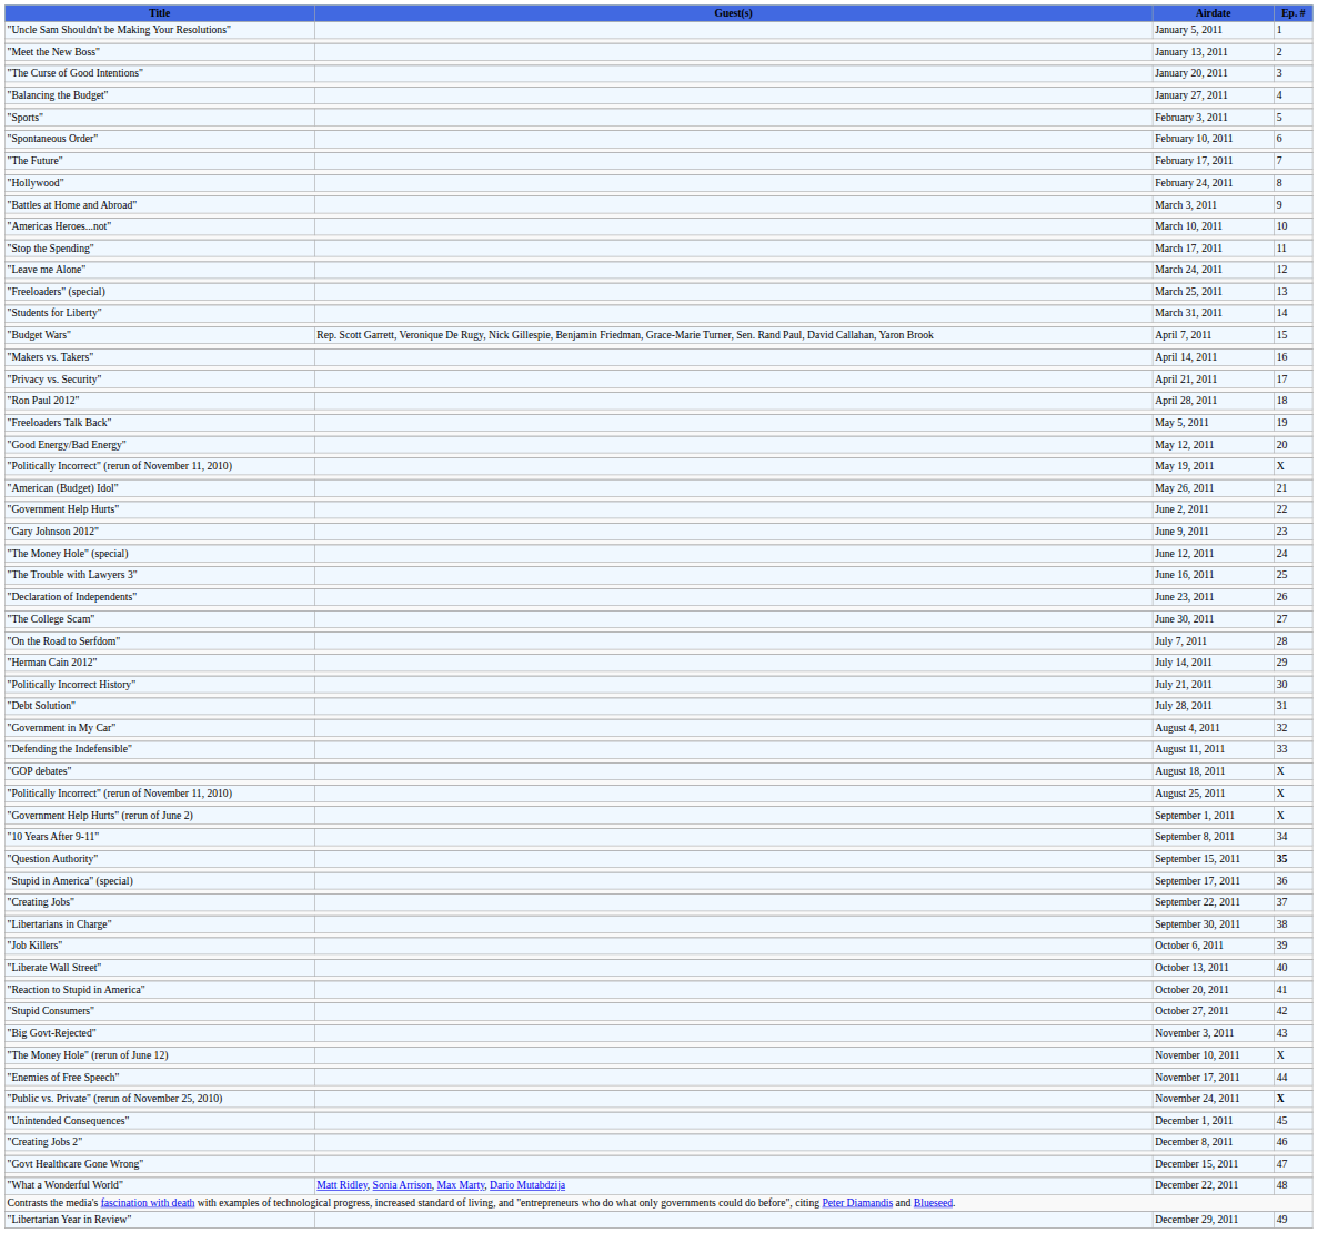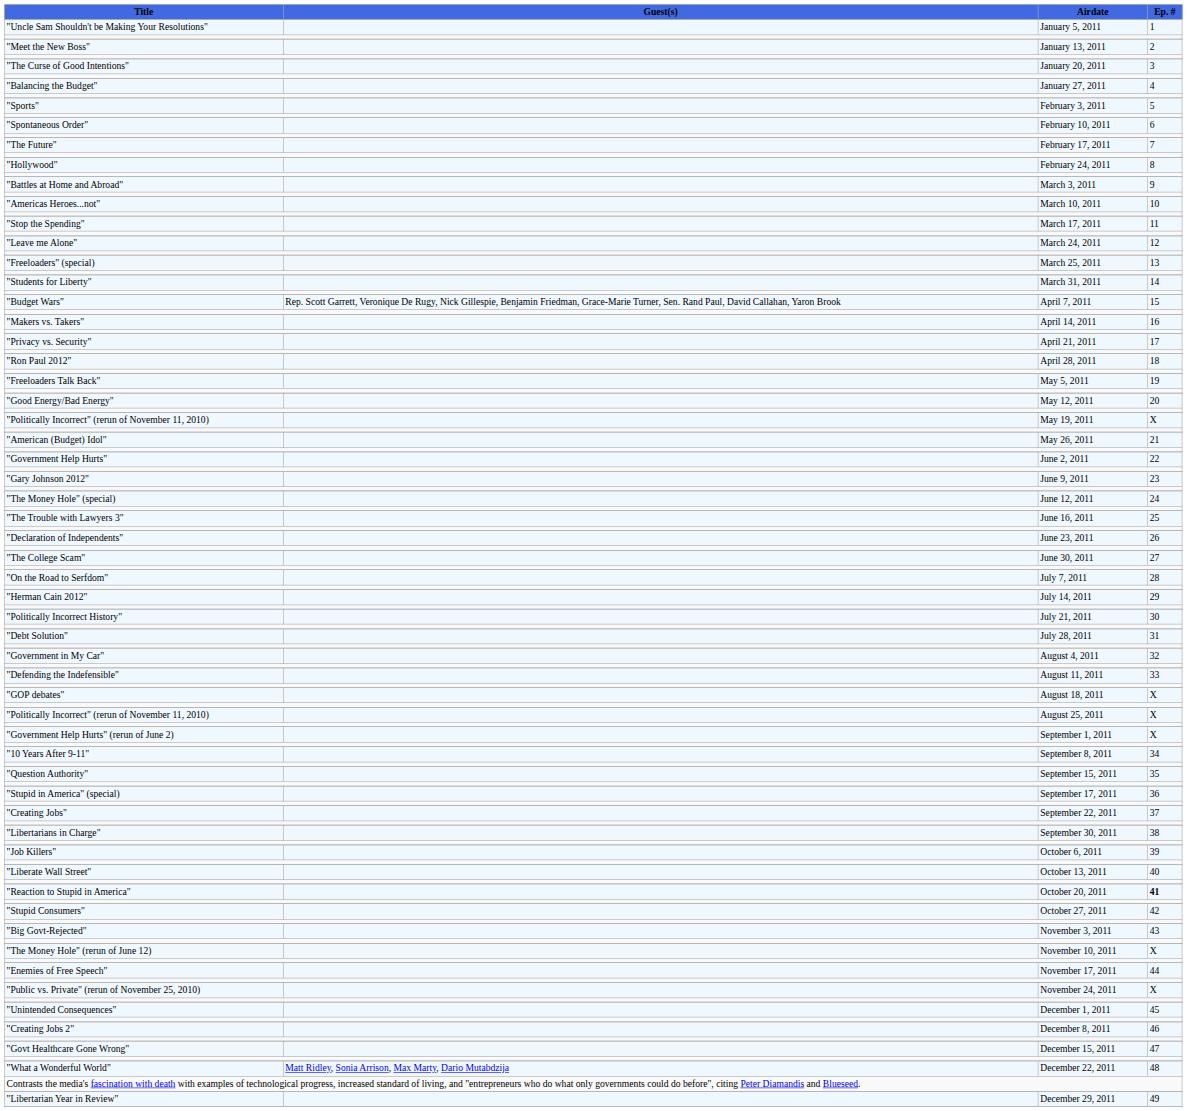 <table class="wikitable" width=99%>
 <tr style="background-color: #0e90b0">
 <th style="background-color: #4169E1"><span>Title</span></th>
 <th ! style="background-color: #4169E1"><span>Guest(s)</span></th>
 <th ! style="background-color: #4169E1"><span>Airdate</span></th>
 <th ! style="background-color: #4169E1"><span>Ep. #</span></th>
 </tr>
 <tr>
 </tr>
 <tr style="background-color: #F0F8FF;" |>
 <td>"Uncle Sam Shouldn't be Making Your Resolutions"</td>
 <td></td>
 <td>January 5, 2011</td>
 <td>1</td>
 </tr>
 <tr>
 <td colspan="5"></td>
 </tr>
 <tr>
 </tr>
 <tr style="background-color: #F0F8FF;" |>
 <td>"Meet the New Boss"</td>
 <td></td>
 <td>January 13, 2011</td>
 <td>2</td>
 </tr>
 <tr>
 <td colspan="5"></td>
 </tr>
 <tr>
 </tr>
 <tr style="background-color: #F0F8FF;" |>
 <td>"The Curse of Good Intentions"</td>
 <td></td>
 <td>January 20, 2011</td>
 <td>3</td>
 </tr>
 <tr>
 <td colspan="5"></td>
 </tr>
 <tr>
 </tr>
 <tr style="background-color: #F0F8FF;" |>
 <td>"Balancing the Budget"</td>
 <td></td>
 <td>January 27, 2011</td>
 <td>4</td>
 </tr>
 <tr>
 <td colspan="5"></td>
 </tr>
 <tr>
 </tr>
 <tr style="background-color: #F0F8FF;" |>
 <td>"Sports"</td>
 <td></td>
 <td>February 3, 2011</td>
 <td>5</td>
 </tr>
 <tr>
 <td colspan="5"></td>
 </tr>
 <tr>
 </tr>
 <tr style="background-color: #F0F8FF;" |>
 <td>"Spontaneous Order"</td>
 <td></td>
 <td>February 10, 2011</td>
 <td>6</td>
 </tr>
 <tr>
 <td colspan="5"></td>
 </tr>
 <tr>
 </tr>
 <tr style="background-color: #F0F8FF;" |>
 <td>"The Future"</td>
 <td></td>
 <td>February 17, 2011</td>
 <td>7</td>
 </tr>
 <tr>
 <td colspan="5"></td>
 </tr>
 <tr>
 </tr>
 <tr style="background-color: #F0F8FF;" |>
 <td>"Hollywood"</td>
 <td></td>
 <td>February 24, 2011</td>
 <td>8</td>
 </tr>
 <tr>
 <td colspan="5"></td>
 </tr>
 <tr>
 </tr>
 <tr style="background-color: #F0F8FF;" |>
 <td>"Battles at Home and Abroad"</td>
 <td></td>
 <td>March 3, 2011</td>
 <td>9</td>
 </tr>
 <tr>
 <td colspan="5"></td>
 </tr>
 <tr>
 </tr>
 <tr style="background-color: #F0F8FF;" |>
 <td>"Americas Heroes...not"</td>
 <td></td>
 <td>March 10, 2011</td>
 <td>10</td>
 </tr>
 <tr>
 <td colspan="5"></td>
 </tr>
 <tr>
 </tr>
 <tr style="background-color: #F0F8FF;" |>
 <td>"Stop the Spending"</td>
 <td></td>
 <td>March 17, 2011</td>
 <td>11</td>
 </tr>
 <tr>
 <td colspan="5"></td>
 </tr>
 <tr>
 </tr>
 <tr style="background-color: #F0F8FF;" |>
 <td>"Leave me Alone"</td>
 <td></td>
 <td>March 24, 2011</td>
 <td>12</td>
 </tr>
 <tr>
 <td colspan="5"></td>
 </tr>
 <tr>
 </tr>
 <tr style="background-color: #F0F8FF;" |>
 <td>"Freeloaders" (special)</td>
 <td></td>
 <td>March 25, 2011</td>
 <td>13</td>
 </tr>
 <tr>
 <td colspan="5"></td>
 </tr>
 <tr>
 </tr>
 <tr style="background-color: #F0F8FF;" |>
 <td>"Students for Liberty"</td>
 <td></td>
 <td>March 31, 2011</td>
 <td>14</td>
 </tr>
 <tr>
 <td colspan="5"></td>
 </tr>
 <tr>
 </tr>
 <tr style="background-color: #F0F8FF;" |>
 <td>"Budget Wars"</td>
 <td>Rep. Scott Garrett, Veronique De Rugy, Nick Gillespie, Benjamin Friedman, Grace-Marie Turner, Sen. Rand Paul, David Callahan, Yaron Brook</td>
 <td>April 7, 2011</td>
 <td>15</td>
 </tr>
 <tr>
 <td colspan="5"></td>
 </tr>
 <tr>
 </tr>
 <tr style="background-color: #F0F8FF;" |>
 <td>"Makers vs. Takers"</td>
 <td></td>
 <td>April 14, 2011</td>
 <td>16</td>
 </tr>
 <tr>
 <td colspan="5"></td>
 </tr>
 <tr>
 </tr>
 <tr style="background-color: #F0F8FF;" |>
 <td>"Privacy vs. Security"</td>
 <td></td>
 <td>April 21, 2011</td>
 <td>17</td>
 </tr>
 <tr>
 <td colspan="5"></td>
 </tr>
 <tr>
 </tr>
 <tr style="background-color: #F0F8FF;" |>
 <td>"Ron Paul 2012"</td>
 <td></td>
 <td>April 28, 2011</td>
 <td>18</td>
 </tr>
 <tr>
 <td colspan="5"></td>
 </tr>
 <tr>
 </tr>
 <tr style="background-color: #F0F8FF;" |>
 <td>"Freeloaders Talk Back"</td>
 <td></td>
 <td>May 5, 2011</td>
 <td>19</td>
 </tr>
 <tr>
 <td colspan="5"></td>
 </tr>
 <tr>
 </tr>
 <tr style="background-color: #F0F8FF;" |>
 <td>"Good Energy/Bad Energy"</td>
 <td></td>
 <td>May 12, 2011</td>
 <td>20</td>
 </tr>
 <tr>
 <td colspan="5"></td>
 </tr>
 <tr>
 </tr>
 <tr style="background-color: #F0F8FF;" |>
 <td>"Politically Incorrect" (rerun of November 11, 2010)</td>
 <td></td>
 <td>May 19, 2011</td>
 <td>X</td>
 </tr>
 <tr>
 <td colspan="5"></td>
 </tr>
 <tr>
 </tr>
 <tr style="background-color: #F0F8FF;" |>
 <td>"American (Budget) Idol"</td>
 <td></td>
 <td>May 26, 2011</td>
 <td>21</td>
 </tr>
 <tr>
 <td colspan="5"></td>
 </tr>
 <tr>
 </tr>
 <tr style="background-color: #F0F8FF;" |>
 <td>"Government Help Hurts"</td>
 <td></td>
 <td>June 2, 2011</td>
 <td>22</td>
 </tr>
 <tr>
 <td colspan="5"></td>
 </tr>
 <tr>
 </tr>
 <tr style="background-color: #F0F8FF;" |>
 <td>"Gary Johnson 2012"</td>
 <td></td>
 <td>June 9, 2011</td>
 <td>23</td>
 </tr>
 <tr>
 <td colspan="5"></td>
 </tr>
 <tr>
 </tr>
 <tr style="background-color: #F0F8FF;" |>
 <td>"The Money Hole" (special)</td>
 <td></td>
 <td>June 12, 2011</td>
 <td>24</td>
 </tr>
 <tr>
 <td colspan="5"></td>
 </tr>
 <tr>
 </tr>
 <tr style="background-color: #F0F8FF;" |>
 <td>"The Trouble with Lawyers 3"</td>
 <td></td>
 <td>June 16, 2011</td>
 <td>25</td>
 </tr>
 <tr>
 <td colspan="5"></td>
 </tr>
 <tr>
 </tr>
 <tr style="background-color: #F0F8FF;" |>
 <td>"Declaration of Independents"</td>
 <td></td>
 <td>June 23, 2011</td>
 <td>26</td>
 </tr>
 <tr>
 <td colspan="5"></td>
 </tr>
 <tr>
 </tr>
 <tr style="background-color: #F0F8FF;" |>
 <td>"The College Scam"</td>
 <td></td>
 <td>June 30, 2011</td>
 <td>27</td>
 </tr>
 <tr>
 <td colspan="5"></td>
 </tr>
 <tr>
 </tr>
 <tr style="background-color: #F0F8FF;" |>
 <td>"On the Road to Serfdom"</td>
 <td></td>
 <td>July 7, 2011</td>
 <td>28</td>
 </tr>
 <tr>
 <td colspan="5"></td>
 </tr>
 <tr>
 </tr>
 <tr style="background-color: #F0F8FF;" |>
 <td>"Herman Cain 2012"</td>
 <td></td>
 <td>July 14, 2011</td>
 <td>29</td>
 </tr>
 <tr>
 <td colspan="5"></td>
 </tr>
 <tr>
 </tr>
 <tr style="background-color: #F0F8FF;" |>
 <td>"Politically Incorrect History"</td>
 <td></td>
 <td>July 21, 2011</td>
 <td>30</td>
 </tr>
 <tr>
 <td colspan="5"></td>
 </tr>
 <tr>
 </tr>
 <tr style="background-color: #F0F8FF;" |>
 <td>"Debt Solution"</td>
 <td></td>
 <td>July 28, 2011</td>
 <td>31</td>
 </tr>
 <tr>
 <td colspan="5"></td>
 </tr>
 <tr>
 </tr>
 <tr style="background-color: #F0F8FF;" |>
 <td>"Government in My Car"</td>
 <td></td>
 <td>August 4, 2011</td>
 <td>32</td>
 </tr>
 <tr>
 <td colspan="5"></td>
 </tr>
 <tr>
 </tr>
 <tr style="background-color: #F0F8FF;" |>
 <td>"Defending the Indefensible"</td>
 <td></td>
 <td>August 11, 2011</td>
 <td>33</td>
 </tr>
 <tr>
 <td colspan="5"></td>
 </tr>
 <tr>
 </tr>
 <tr style="background-color: #F0F8FF;" |>
 <td>"GOP debates"</td>
 <td></td>
 <td>August 18, 2011</td>
 <td>X</td>
 </tr>
 <tr>
 <td colspan="5"></td>
 </tr>
 <tr>
 </tr>
 <tr style="background-color: #F0F8FF;" |>
 <td>"Politically Incorrect" (rerun of November 11, 2010)</td>
 <td></td>
 <td>August 25, 2011</td>
 <td>X</td>
 </tr>
 <tr>
 <td colspan="5"></td>
 </tr>
 <tr>
 </tr>
 <tr style="background-color: #F0F8FF;" |>
 <td>"Government Help Hurts" (rerun of June 2)</td>
 <td></td>
 <td>September 1, 2011</td>
 <td>X</td>
 </tr>
 <tr>
 <td colspan="5"></td>
 </tr>
 <tr>
 </tr>
 <tr style="background-color: #F0F8FF;" |>
 <td>"10 Years After 9-11"</td>
 <td></td>
 <td>September 8, 2011</td>
 <td>34</td>
 </tr>
 <tr>
 <td colspan="5"></td>
 </tr>
 <tr>
 </tr>
 <tr style="background-color: #F0F8FF;" |>
 <td>"Question Authority"</td>
 <td></td>
 <td>September 15, 2011</td>
-<td><strong>35</strong></td>
+<td>35</td>
 </tr>
 <tr>
 <td colspan="5"></td>
 </tr>
 <tr>
 </tr>
 <tr style="background-color: #F0F8FF;" |>
 <td>"Stupid in America" (special)</td>
 <td></td>
 <td>September 17, 2011</td>
 <td>36</td>
 </tr>
 <tr>
 <td colspan="5"></td>
 </tr>
 <tr>
 </tr>
 <tr style="background-color: #F0F8FF;" |>
 <td>"Creating Jobs"</td>
 <td></td>
 <td>September 22, 2011</td>
 <td>37</td>
 </tr>
 <tr>
 <td colspan="5"></td>
 </tr>
 <tr>
 </tr>
 <tr style="background-color: #F0F8FF;" |>
 <td>"Libertarians in Charge"</td>
 <td></td>
 <td>September 30, 2011</td>
 <td>38</td>
 </tr>
 <tr>
 <td colspan="5"></td>
 </tr>
 <tr>
 </tr>
 <tr style="background-color: #F0F8FF;" |>
 <td>"Job Killers"</td>
 <td></td>
 <td>October 6, 2011</td>
 <td>39</td>
 </tr>
 <tr>
 <td colspan="5"></td>
 </tr>
 <tr>
 </tr>
 <tr style="background-color: #F0F8FF;" |>
 <td>"Liberate Wall Street"</td>
 <td></td>
 <td>October 13, 2011</td>
 <td>40</td>
 </tr>
 <tr>
 <td colspan="5"></td>
 </tr>
 <tr>
 </tr>
 <tr style="background-color: #F0F8FF;" |>
 <td>"Reaction to Stupid in America"</td>
 <td></td>
 <td>October 20, 2011</td>
-<td>41</td>
+<td><strong>41</strong></td>
 </tr>
 <tr>
 <td colspan="5"></td>
 </tr>
 <tr>
 </tr>
 <tr style="background-color: #F0F8FF;" |>
 <td>"Stupid Consumers"</td>
 <td></td>
 <td>October 27, 2011</td>
 <td>42</td>
 </tr>
 <tr>
 <td colspan="5"></td>
 </tr>
 <tr>
 </tr>
 <tr style="background-color: #F0F8FF;" |>
 <td>"Big Govt-Rejected"</td>
 <td></td>
 <td>November 3, 2011</td>
 <td>43</td>
 </tr>
 <tr>
 <td colspan="5"></td>
 </tr>
 <tr>
 </tr>
 <tr style="background-color: #F0F8FF;" |>
 <td>"The Money Hole" (rerun of June 12)</td>
 <td></td>
 <td>November 10, 2011</td>
 <td>X</td>
 </tr>
 <tr>
 <td colspan="5"></td>
 </tr>
 <tr>
 </tr>
 <tr style="background-color: #F0F8FF;" |>
 <td>"Enemies of Free Speech"</td>
 <td></td>
 <td>November 17, 2011</td>
 <td>44</td>
 </tr>
 <tr>
 <td colspan="5"></td>
 </tr>
 <tr>
 </tr>
 <tr style="background-color: #F0F8FF;" |>
 <td>"Public vs. Private" (rerun of November 25, 2010)</td>
 <td></td>
 <td>November 24, 2011</td>
-<td><strong>X</strong></td>
+<td>X</td>
 </tr>
 <tr>
 <td colspan="5"></td>
 </tr>
 <tr>
 </tr>
 <tr style="background-color: #F0F8FF;" |>
 <td>"Unintended Consequences"</td>
 <td></td>
 <td>December 1, 2011</td>
 <td>45</td>
 </tr>
 <tr>
 <td colspan="5"></td>
 </tr>
 <tr>
 </tr>
 <tr style="background-color: #F0F8FF;" |>
 <td>"Creating Jobs 2"</td>
 <td></td>
 <td>December 8, 2011</td>
 <td>46</td>
 </tr>
 <tr>
 <td colspan="5"></td>
 </tr>
 <tr>
 </tr>
 <tr style="background-color: #F0F8FF;" |>
 <td>"Govt Healthcare Gone Wrong"</td>
 <td></td>
 <td>December 15, 2011</td>
 <td>47</td>
 </tr>
 <tr>
 <td colspan="5"></td>
 </tr>
 <tr>
 </tr>
 <tr style="background-color: #F0F8FF;" |>
 <td>"What a Wonderful World"</td>
 <td><a href='#'>Matt Ridley</a>, <a href='#'>Sonia Arrison</a>, <a href='#'>Max Marty</a>, <a href='#'>Dario Mutabdzija</a></td>
 <td>December 22, 2011</td>
 <td>48</td>
 </tr>
 <tr>
 <td colspan="5">Contrasts the media's <a href='#'>fascination with death</a> with examples of technological progress, increased standard of living, and "entrepreneurs who do what only governments could do before", citing <a href='#'>Peter Diamandis</a> and <a href='#'>Blueseed</a>.</td>
 </tr>
 <tr>
 </tr>
 <tr style="background-color: #F0F8FF;" |>
 <td>"Libertarian Year in Review"</td>
 <td></td>
 <td>December 29, 2011</td>
 <td>49</td>
 </tr>
 <tr>
 </tr>
 </table>
